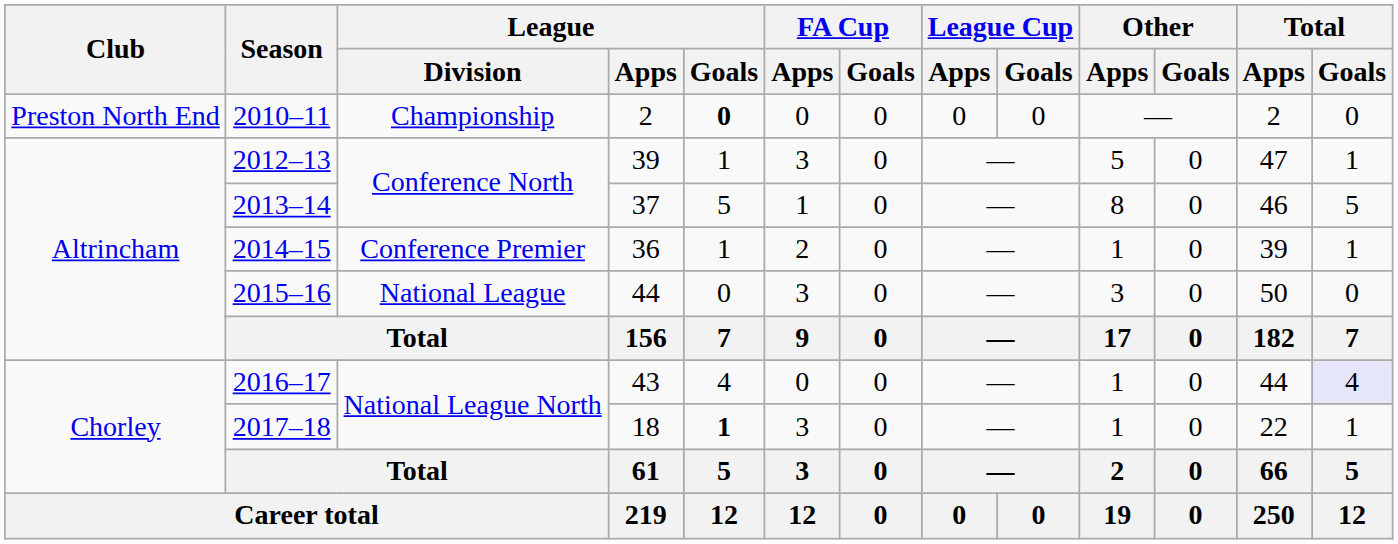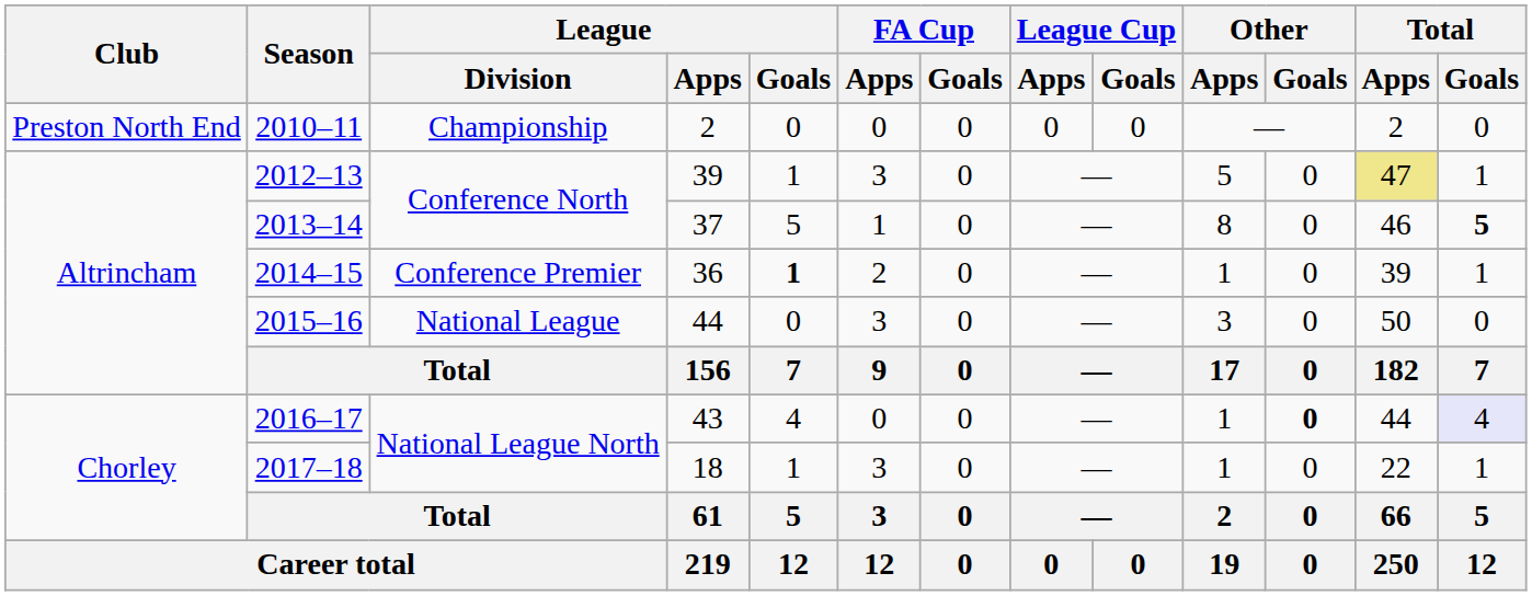 <table class="wikitable" style="text-align: center">
 <tr>
 <th rowspan="2">Club</th>
 <th rowspan="2">Season</th>
 <th colspan="3">League</th>
 <th colspan="2"><a href='#'>FA Cup</a></th>
 <th colspan="2"><a href='#'>League Cup</a></th>
 <th colspan="2">Other</th>
 <th colspan="2">Total</th>
 </tr>
 <tr>
 <th>Division</th>
 <th>Apps</th>
 <th>Goals</th>
 <th>Apps</th>
 <th>Goals</th>
 <th>Apps</th>
 <th>Goals</th>
 <th>Apps</th>
 <th>Goals</th>
 <th>Apps</th>
 <th>Goals</th>
 </tr>
 <tr>
 <td><a href='#'>Preston North End</a></td>
 <td><a href='#'>2010–11</a></td>
 <td><a href='#'>Championship</a></td>
 <td>2</td>
-<td><strong>0</strong></td>
+<td>0</td>
 <td>0</td>
 <td>0</td>
 <td>0</td>
 <td>0</td>
 <td colspan="2">—</td>
 <td>2</td>
 <td>0</td>
 </tr>
 <tr>
 <td rowspan="5"><a href='#'>Altrincham</a></td>
 <td><a href='#'>2012–13</a></td>
 <td rowspan="2"><a href='#'>Conference North</a></td>
 <td>39</td>
 <td>1</td>
 <td>3</td>
 <td>0</td>
 <td colspan="2">—</td>
 <td>5</td>
 <td>0</td>
-<td>47</td>
+<td style="background: khaki;">47</td>
 <td>1</td>
 </tr>
 <tr>
 <td><a href='#'>2013–14</a></td>
 <td>37</td>
 <td>5</td>
 <td>1</td>
 <td>0</td>
 <td colspan="2">—</td>
 <td>8</td>
 <td>0</td>
 <td>46</td>
-<td>5</td>
+<td><strong>5</strong></td>
 </tr>
 <tr>
 <td><a href='#'>2014–15</a></td>
 <td><a href='#'>Conference Premier</a></td>
 <td>36</td>
-<td>1</td>
+<td><strong>1</strong></td>
 <td>2</td>
 <td>0</td>
 <td colspan="2">—</td>
 <td>1</td>
 <td>0</td>
 <td>39</td>
 <td>1</td>
 </tr>
 <tr>
 <td><a href='#'>2015–16</a></td>
 <td><a href='#'>National League</a></td>
 <td>44</td>
 <td>0</td>
 <td>3</td>
 <td>0</td>
 <td colspan="2">—</td>
 <td>3</td>
 <td>0</td>
 <td>50</td>
 <td>0</td>
 </tr>
 <tr>
 <th colspan="2">Total</th>
 <th>156</th>
 <th>7</th>
 <th>9</th>
 <th>0</th>
 <th colspan="2">—</th>
 <th>17</th>
 <th>0</th>
 <th>182</th>
 <th>7</th>
 </tr>
 <tr>
 <td rowspan="3"><a href='#'>Chorley</a></td>
 <td><a href='#'>2016–17</a></td>
 <td rowspan="2"><a href='#'>National League North</a></td>
 <td>43</td>
 <td>4</td>
 <td>0</td>
 <td>0</td>
 <td colspan="2">—</td>
 <td>1</td>
-<td>0</td>
+<td><strong>0</strong></td>
 <td>44</td>
 <td style="background: lavender;">4</td>
 </tr>
 <tr>
 <td><a href='#'>2017–18</a></td>
 <td>18</td>
-<td><strong>1</strong></td>
+<td>1</td>
 <td>3</td>
 <td>0</td>
 <td colspan="2">—</td>
 <td>1</td>
 <td>0</td>
 <td>22</td>
 <td>1</td>
 </tr>
 <tr>
 <th colspan="2">Total</th>
 <th>61</th>
 <th>5</th>
 <th>3</th>
 <th>0</th>
 <th colspan="2">—</th>
 <th>2</th>
 <th>0</th>
 <th>66</th>
 <th>5</th>
 </tr>
 <tr>
 <th colspan="3">Career total</th>
 <th>219</th>
 <th>12</th>
 <th>12</th>
 <th>0</th>
 <th>0</th>
 <th>0</th>
 <th>19</th>
 <th>0</th>
 <th>250</th>
 <th>12</th>
 </tr>
 </table>
